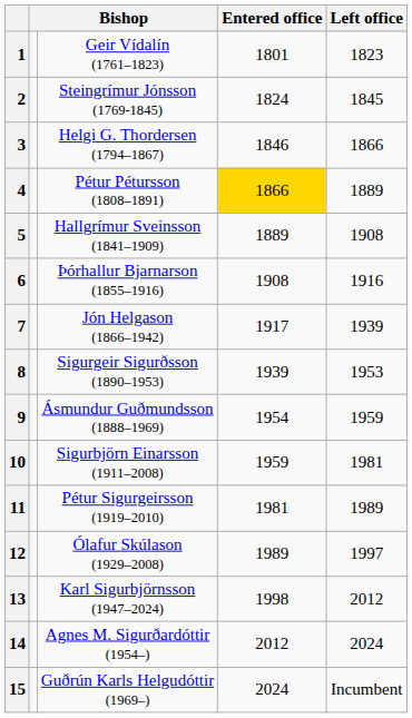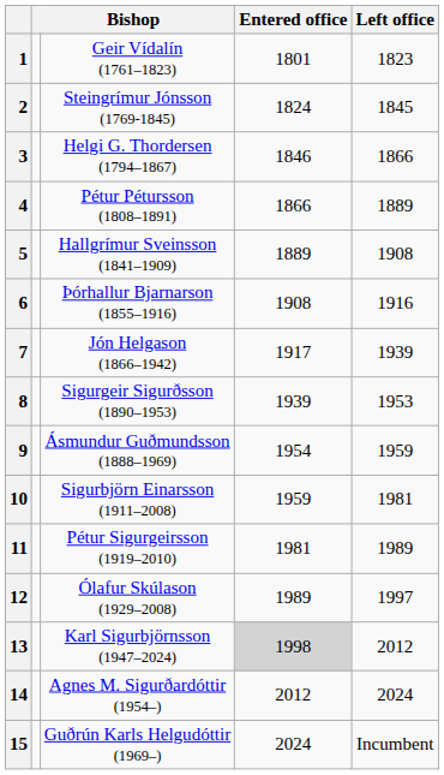 <table class="wikitable" style="text-align: center;">
 <tr>
 <th></th>
 <th colspan="2">Bishop</th>
 <th>Entered office</th>
 <th>Left office</th>
 </tr>
 <tr>
 <th style="text-align: right;">1</th>
 <td></td>
 <td><a href='#'>Geir Vídalín</a><br><small>(1761–1823)</small></td>
 <td>1801</td>
 <td>1823</td>
 </tr>
 <tr>
 <th style="text-align: right;">2</th>
 <td></td>
 <td><a href='#'>Steingrímur Jónsson</a><br><small>(1769-1845)</small></td>
 <td>1824</td>
 <td>1845</td>
 </tr>
 <tr>
 <th style="text-align: right;">3</th>
 <td></td>
 <td><a href='#'>Helgi G. Thordersen</a><br><small>(1794–1867)</small></td>
 <td>1846</td>
 <td>1866</td>
 </tr>
 <tr>
 <th style="text-align: right;">4</th>
 <td></td>
 <td><a href='#'>Pétur Pétursson</a><br><small>(1808–1891)</small></td>
-<td style="background: gold;">1866</td>
+<td>1866</td>
 <td>1889</td>
 </tr>
 <tr>
 <th style="text-align: right;">5</th>
 <td></td>
 <td><a href='#'>Hallgrímur Sveinsson</a><br><small>(1841–1909)</small></td>
 <td>1889</td>
 <td>1908</td>
 </tr>
 <tr>
 <th style="text-align: right;">6</th>
 <td></td>
 <td><a href='#'>Þórhallur Bjarnarson</a><br><small>(1855–1916)</small></td>
 <td>1908</td>
 <td>1916</td>
 </tr>
 <tr>
 <th style="text-align: right;">7</th>
 <td></td>
 <td><a href='#'>Jón Helgason</a><br><small>(1866–1942)</small></td>
 <td>1917</td>
 <td>1939</td>
 </tr>
 <tr>
 <th style="text-align: right;">8</th>
 <td></td>
 <td><a href='#'>Sigurgeir Sigurðsson</a><br><small>(1890–1953)</small></td>
 <td>1939</td>
 <td>1953</td>
 </tr>
 <tr>
 <th style="text-align: right;">9</th>
 <td></td>
 <td><a href='#'>Ásmundur Guðmundsson</a><br><small>(1888–1969)</small></td>
 <td>1954</td>
 <td>1959</td>
 </tr>
 <tr>
 <th style="text-align: right;">10</th>
 <td></td>
 <td><a href='#'>Sigurbjörn Einarsson</a><br><small>(1911–2008)</small></td>
 <td>1959</td>
 <td>1981</td>
 </tr>
 <tr>
 <th style="text-align: right;">11</th>
 <td></td>
 <td><a href='#'>Pétur Sigurgeirsson</a><br><small>(1919–2010)</small></td>
 <td>1981</td>
 <td>1989</td>
 </tr>
 <tr>
 <th style="text-align: right;">12</th>
 <td></td>
 <td><a href='#'>Ólafur Skúlason</a><br><small>(1929–2008)</small></td>
 <td>1989</td>
 <td>1997</td>
 </tr>
 <tr>
 <th style="text-align: right;">13</th>
 <td></td>
 <td><a href='#'>Karl Sigurbjörnsson</a><br><small>(1947–2024)</small></td>
-<td>1998</td>
+<td style="background: lightgrey;">1998</td>
 <td>2012</td>
 </tr>
 <tr>
 <th style="text-align: right;">14</th>
 <td></td>
 <td><a href='#'>Agnes M. Sigurðardóttir</a><br><small>(1954–)</small></td>
 <td>2012</td>
 <td>2024</td>
 </tr>
 <tr>
 <th style="text-align: right;">15</th>
 <td></td>
 <td><a href='#'>Guðrún Karls Helgudóttir</a><br><small>(1969–)</small></td>
 <td>2024</td>
 <td>Incumbent</td>
 </tr>
 </table>
